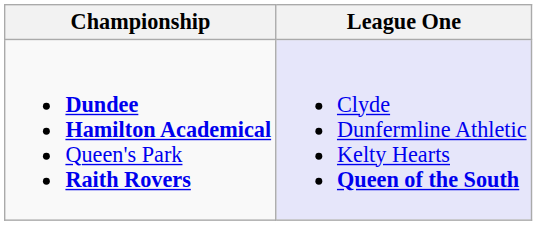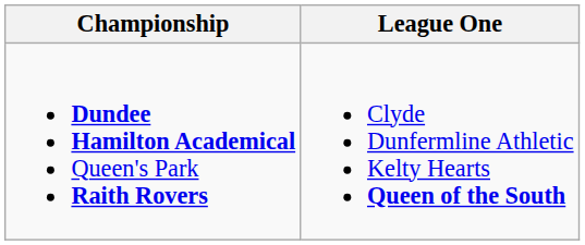 <table class="wikitable">
 <tr>
 <th>Championship</th>
 <th>League One</th>
 </tr>
 <tr>
 <td valign=top><br><ul><li><strong><a href='#'>Dundee</a></strong></li><li><strong><a href='#'>Hamilton Academical</a></strong></li><li><a href='#'>Queen's Park</a></li><li><strong><a href='#'>Raith Rovers</a></strong></li></ul></td>
-<td valign=top style="background: lavender;"><br><ul><li><a href='#'>Clyde</a></li><li><a href='#'>Dunfermline Athletic</a></li><li><a href='#'>Kelty Hearts</a></li><li><strong><a href='#'>Queen of the South</a></strong></li></ul></td>
+<td valign=top><br><ul><li><a href='#'>Clyde</a></li><li><a href='#'>Dunfermline Athletic</a></li><li><a href='#'>Kelty Hearts</a></li><li><strong><a href='#'>Queen of the South</a></strong></li></ul></td>
 </tr>
 </table>
